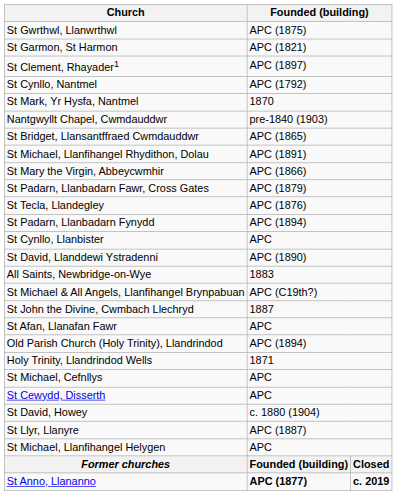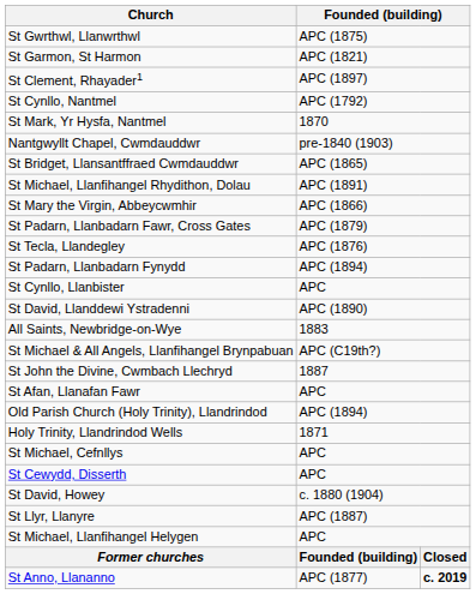 <table class="wikitable">
 <tr>
 <th>Church</th>
 <th colspan="2">Founded (building)</th>
 </tr>
 <tr>
 <td>St Gwrthwl, Llanwrthwl</td>
 <td colspan="2">APC (1875)</td>
 </tr>
 <tr>
 <td>St Garmon, St Harmon</td>
 <td colspan="2">APC (1821)</td>
 </tr>
 <tr>
 <td>St Clement, Rhayader<sup>1</sup></td>
 <td colspan="2">APC (1897)</td>
 </tr>
 <tr>
 <td>St Cynllo, Nantmel</td>
 <td colspan="2">APC (1792)</td>
 </tr>
 <tr>
 <td>St Mark, Yr Hysfa, Nantmel</td>
 <td colspan="2">1870</td>
 </tr>
 <tr>
 <td>Nantgwyllt Chapel, Cwmdauddwr</td>
 <td colspan="2">pre-1840 (1903)</td>
 </tr>
 <tr>
 <td>St Bridget, Llansantffraed Cwmdauddwr</td>
 <td colspan="2">APC  (1865)</td>
 </tr>
 <tr>
 <td>St Michael, Llanfihangel Rhydithon, Dolau</td>
 <td colspan="2">APC (1891)</td>
 </tr>
 <tr>
 <td>St Mary the Virgin, Abbeycwmhir</td>
 <td colspan="2">APC (1866)</td>
 </tr>
 <tr>
 <td>St Padarn, Llanbadarn Fawr, Cross Gates</td>
 <td colspan="2">APC (1879)</td>
 </tr>
 <tr>
 <td>St Tecla, Llandegley</td>
 <td colspan="2">APC (1876)</td>
 </tr>
 <tr>
 <td>St Padarn, Llanbadarn Fynydd</td>
 <td colspan="2">APC (1894)</td>
 </tr>
 <tr>
 <td>St Cynllo, Llanbister</td>
 <td colspan="2">APC</td>
 </tr>
 <tr>
 <td>St David, Llanddewi Ystradenni</td>
 <td colspan="2">APC (1890)</td>
 </tr>
 <tr>
 <td>All Saints, Newbridge-on-Wye</td>
 <td colspan="2">1883</td>
 </tr>
 <tr>
 <td>St Michael & All Angels, Llanfihangel Brynpabuan</td>
 <td colspan="2">APC (C19th?)</td>
 </tr>
 <tr>
 <td>St John the Divine, Cwmbach Llechryd</td>
 <td colspan="2">1887</td>
 </tr>
 <tr>
 <td>St Afan, Llanafan Fawr</td>
 <td colspan="2">APC</td>
 </tr>
 <tr>
 <td>Old Parish Church (Holy Trinity), Llandrindod</td>
 <td colspan="2">APC (1894)</td>
 </tr>
 <tr>
 <td>Holy Trinity, Llandrindod Wells</td>
 <td colspan="2">1871</td>
 </tr>
 <tr>
 <td>St Michael, Cefnllys</td>
 <td colspan="2">APC</td>
 </tr>
 <tr>
 <td><a href='#'>St Cewydd, Disserth</a></td>
 <td colspan="2">APC</td>
 </tr>
 <tr>
 <td>St David, Howey</td>
 <td colspan="2">c. 1880 (1904)</td>
 </tr>
 <tr>
 <td>St Llyr, Llanyre</td>
 <td colspan="2">APC (1887)</td>
 </tr>
 <tr>
 <td>St Michael, Llanfihangel Helygen</td>
 <td colspan="2">APC</td>
 </tr>
 <tr>
 <th><em>Former churches</em></th>
 <th>Founded (building)</th>
 <th>Closed</th>
 </tr>
 <tr>
 <td><a href='#'>St Anno, Llananno</a></td>
-<td><strong>APC (1877)</strong></td>
+<td>APC (1877)</td>
 <td><strong>c. 2019</strong></td>
 </tr>
 </table>
